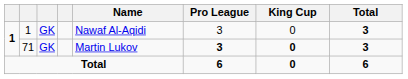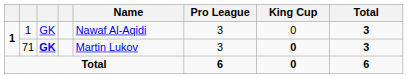 <table class="wikitable" style="text-align:center">
 <tr>
 <th width=15></th>
 <th width=15></th>
 <th width=15></th>
 <th width=15></th>
 <th width=155>Name</th>
 <th width=100>Pro League</th>
 <th width=100>King Cup</th>
 <th width=100>Total</th>
 </tr>
 <tr>
 <td rowspan=2><strong>1</strong></td>
 <td>1</td>
 <td><a href='#'>GK</a></td>
 <td></td>
 <td align=left><a href='#'>Nawaf Al-Aqidi</a></td>
 <td>3</td>
 <td>0</td>
 <td><strong>3</strong></td>
 </tr>
 <tr>
 <td>71</td>
-<td><a href='#'>GK</a></td>
+<td><strong><a href='#'>GK</a></strong></td>
 <td></td>
 <td align=left><a href='#'>Martin Lukov</a></td>
-<td><strong>3</strong></td>
+<td>3</td>
 <td><strong>0</strong></td>
 <td><strong>3</strong></td>
 </tr>
 <tr>
 <td colspan=5><strong>Total</strong></td>
 <td><strong>6</strong></td>
 <td><strong>0</strong></td>
 <td><strong>6</strong></td>
 </tr>
 </table>
